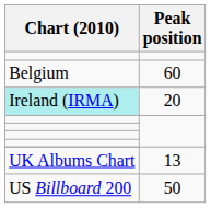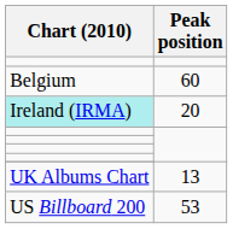 <table class="wikitable sortable">
 <tr>
 <th>Chart (2010)</th>
 <th>Peak<br>position</th>
 </tr>
 <tr>
 <td></td>
 </tr>
 <tr>
 <td style="text-align:left;">Belgium</td>
 <td style="text-align:center;">60</td>
 </tr>
 <tr>
 <td style="background: paleturquoise;">Ireland (<a href='#'>IRMA</a>)</td>
 <td align="center">20</td>
 </tr>
 <tr>
 <td></td>
 </tr>
 <tr>
 <td></td>
 </tr>
 <tr>
 <td></td>
 </tr>
 <tr>
 <td></td>
 </tr>
 <tr>
 </tr>
 <tr>
 <td><a href='#'>UK Albums Chart</a></td>
 <td align="center">13</td>
 </tr>
 <tr>
 <td>US <a href='#'><em>Billboard</em> 200</a></td>
-<td align="center">50</td>
+<td align="center">53</td>
 </tr>
 </table>
